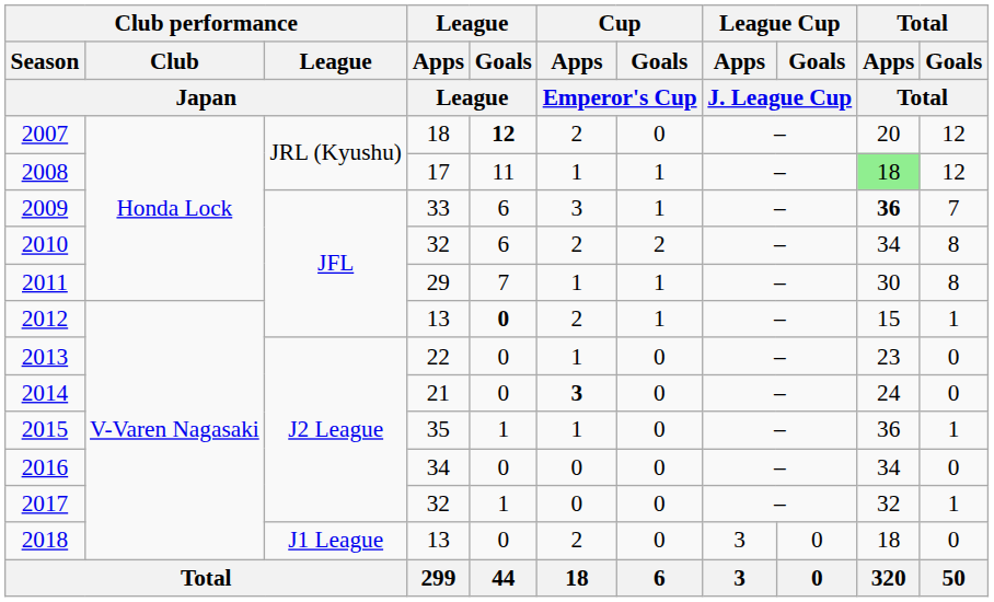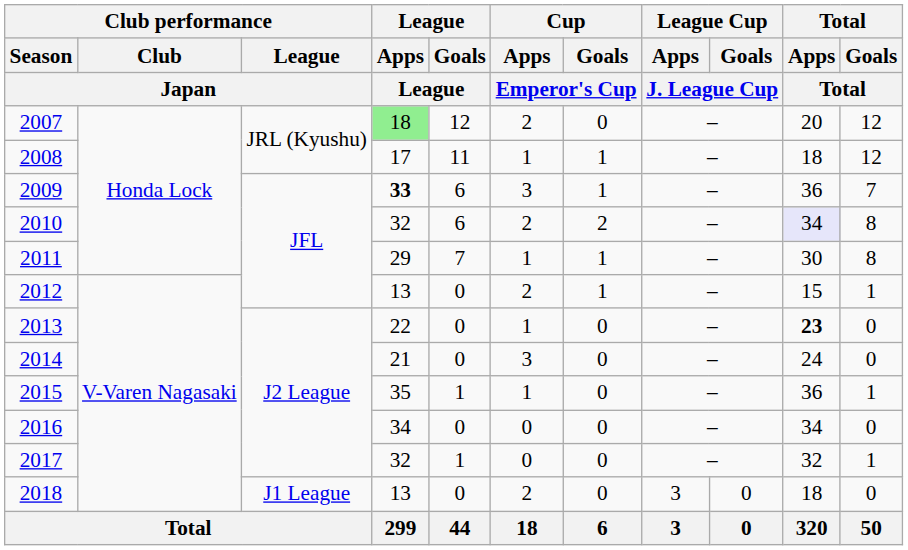 <table class="wikitable" style="text-align:center;">
 <tr>
 <th colspan=3>Club performance</th>
 <th colspan=2>League</th>
 <th colspan=2>Cup</th>
 <th colspan=2>League Cup</th>
 <th colspan=2>Total</th>
 </tr>
 <tr>
 <th>Season</th>
 <th>Club</th>
 <th>League</th>
 <th>Apps</th>
 <th>Goals</th>
 <th>Apps</th>
 <th>Goals</th>
 <th>Apps</th>
 <th>Goals</th>
 <th>Apps</th>
 <th>Goals</th>
 </tr>
 <tr>
 <th colspan=3>Japan</th>
 <th colspan=2>League</th>
 <th colspan=2><a href='#'>Emperor's Cup</a></th>
 <th colspan=2><a href='#'>J. League Cup</a></th>
 <th colspan=2>Total</th>
 </tr>
 <tr>
 <td><a href='#'>2007</a></td>
 <td rowspan="5"><a href='#'>Honda Lock</a></td>
 <td rowspan="2">JRL (Kyushu)</td>
-<td>18</td>
-<td><strong>12</strong></td>
+<td style="background: lightgreen;">18</td>
+<td>12</td>
 <td>2</td>
 <td>0</td>
 <td colspan="2">–</td>
 <td>20</td>
 <td>12</td>
 </tr>
 <tr>
 <td><a href='#'>2008</a></td>
 <td>17</td>
 <td>11</td>
 <td>1</td>
 <td>1</td>
 <td colspan="2">–</td>
-<td style="background: lightgreen;">18</td>
+<td>18</td>
 <td>12</td>
 </tr>
 <tr>
 <td><a href='#'>2009</a></td>
 <td rowspan="4"><a href='#'>JFL</a></td>
-<td>33</td>
+<td><strong>33</strong></td>
 <td>6</td>
 <td>3</td>
 <td>1</td>
 <td colspan="2">–</td>
-<td><strong>36</strong></td>
+<td>36</td>
 <td>7</td>
 </tr>
 <tr>
 <td><a href='#'>2010</a></td>
 <td>32</td>
 <td>6</td>
 <td>2</td>
 <td>2</td>
 <td colspan="2">–</td>
-<td>34</td>
+<td style="background: lavender;">34</td>
 <td>8</td>
 </tr>
 <tr>
 <td><a href='#'>2011</a></td>
 <td>29</td>
 <td>7</td>
 <td>1</td>
 <td>1</td>
 <td colspan="2">–</td>
 <td>30</td>
 <td>8</td>
 </tr>
 <tr>
 <td><a href='#'>2012</a></td>
 <td rowspan="7"><a href='#'>V-Varen Nagasaki</a></td>
 <td>13</td>
-<td><strong>0</strong></td>
+<td>0</td>
 <td>2</td>
 <td>1</td>
 <td colspan="2">–</td>
 <td>15</td>
 <td>1</td>
 </tr>
 <tr>
 <td><a href='#'>2013</a></td>
 <td rowspan="5"><a href='#'>J2 League</a></td>
 <td>22</td>
 <td>0</td>
 <td>1</td>
 <td>0</td>
 <td colspan="2">–</td>
-<td>23</td>
+<td><strong>23</strong></td>
 <td>0</td>
 </tr>
 <tr>
 <td><a href='#'>2014</a></td>
 <td>21</td>
 <td>0</td>
-<td><strong>3</strong></td>
+<td>3</td>
 <td>0</td>
 <td colspan="2">–</td>
 <td>24</td>
 <td>0</td>
 </tr>
 <tr>
 <td><a href='#'>2015</a></td>
 <td>35</td>
 <td>1</td>
 <td>1</td>
 <td>0</td>
 <td colspan="2">–</td>
 <td>36</td>
 <td>1</td>
 </tr>
 <tr>
 <td><a href='#'>2016</a></td>
 <td>34</td>
 <td>0</td>
 <td>0</td>
 <td>0</td>
 <td colspan="2">–</td>
 <td>34</td>
 <td>0</td>
 </tr>
 <tr>
 <td><a href='#'>2017</a></td>
 <td>32</td>
 <td>1</td>
 <td>0</td>
 <td>0</td>
 <td colspan="2">–</td>
 <td>32</td>
 <td>1</td>
 </tr>
 <tr>
 <td><a href='#'>2018</a></td>
 <td><a href='#'>J1 League</a></td>
 <td>13</td>
 <td>0</td>
 <td>2</td>
 <td>0</td>
 <td>3</td>
 <td>0</td>
 <td>18</td>
 <td>0</td>
 </tr>
 <tr>
 <th colspan=3>Total</th>
 <th>299</th>
 <th>44</th>
 <th>18</th>
 <th>6</th>
 <th>3</th>
 <th>0</th>
 <th>320</th>
 <th>50</th>
 </tr>
 </table>
